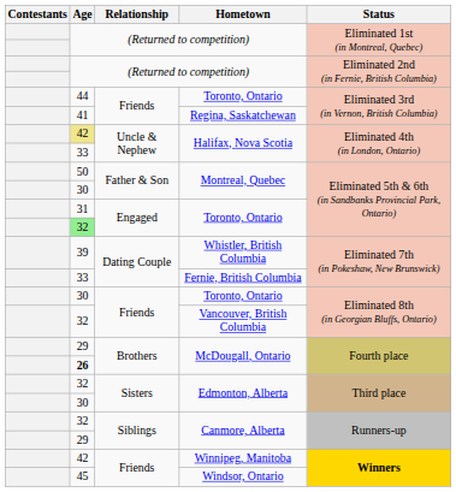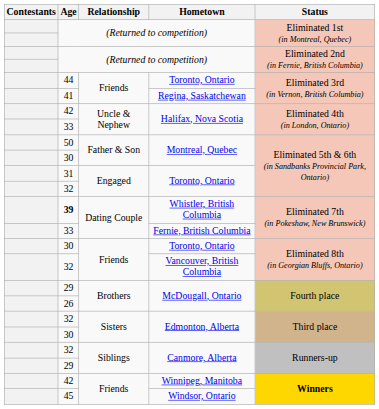 <table class="wikitable sortable" style="text-align:center;">
 <tr>
 <th scope="col">Contestants</th>
 <th scope="col">Age</th>
 <th scope="col" class="unsortable">Relationship</th>
 <th class="unsortable" scope="col">Hometown</th>
 <th scope="col">Status</th>
 </tr>
 <tr>
 <th scope="row" style="text-align:center;font-weight:normal"><em></em></th>
 <td colspan="3" rowspan="2"><em>(Returned to competition)</em></td>
 <td rowspan="2" bgcolor="f4c7b8">Eliminated 1st<br><small><em>(in Montreal, Quebec)</em></small></td>
 </tr>
 <tr>
 <th scope="row" style="text-align:center;font-weight:normal"><em></em></th>
 </tr>
 <tr>
 <th scope="row" style="text-align:center;font-weight:normal"><em></em></th>
 <td colspan="3" rowspan="2"><em>(Returned to competition)</em></td>
 <td rowspan="2" bgcolor="f4c7b8">Eliminated 2nd<br><small><em>(in Fernie, British Columbia)</em></small></td>
 </tr>
 <tr>
 <th scope="row" style="text-align:center;font-weight:normal"><em></em></th>
 </tr>
 <tr>
 <th scope="row"></th>
 <td>44</td>
 <td rowspan="2">Friends</td>
 <td><a href='#'>Toronto, Ontario</a></td>
 <td rowspan="2" style="background:#f4c7b8">Eliminated 3rd<br><small><em>(in Vernon, British Columbia)</em></small></td>
 </tr>
 <tr>
 <th scope="row"></th>
 <td>41</td>
 <td><a href='#'>Regina, Saskatchewan</a></td>
 </tr>
 <tr>
 <th scope="row"></th>
-<td style="background: khaki;">42</td>
+<td>42</td>
 <td rowspan="2">Uncle & Nephew</td>
 <td rowspan="2"><a href='#'>Halifax, Nova Scotia</a></td>
 <td rowspan="2" style="background:#f4c7b8">Eliminated 4th<br><small><em>(in London, Ontario)</em></small></td>
 </tr>
 <tr>
 <th scope="row"></th>
 <td>33</td>
 </tr>
 <tr>
 <th scope="row"></th>
 <td>50</td>
 <td rowspan="2">Father & Son</td>
 <td rowspan="2"><a href='#'>Montreal, Quebec</a></td>
 <td rowspan="4" style="background:#f4c7b8">Eliminated 5th & 6th<br><small><em>(in Sandbanks Provincial Park, Ontario)</em></small></td>
 </tr>
 <tr>
 <th scope="row"></th>
 <td>30</td>
 </tr>
 <tr>
 <th scope="row"></th>
 <td>31</td>
 <td rowspan="2">Engaged</td>
 <td rowspan="2"><a href='#'>Toronto, Ontario</a></td>
 </tr>
 <tr>
 <th scope="row"></th>
-<td style="background: lightgreen;">32</td>
+<td>32</td>
 </tr>
 <tr>
 <th scope="row"></th>
-<td>39</td>
+<td><strong>39</strong></td>
 <td rowspan="2">Dating Couple</td>
 <td><a href='#'>Whistler, British Columbia</a></td>
 <td rowspan="2" style="background:#f4c7b8">Eliminated 7th<br><small><em>(in Pokeshaw, New Brunswick)</em></small></td>
 </tr>
 <tr>
 <th scope="row"></th>
 <td>33</td>
 <td><a href='#'>Fernie, British Columbia</a></td>
 </tr>
 <tr>
 <th scope="row"></th>
 <td>30</td>
 <td rowspan="2">Friends</td>
 <td><a href='#'>Toronto, Ontario</a></td>
 <td rowspan="2" style="background:#f4c7b8">Eliminated 8th<br><small><em>(in Georgian Bluffs, Ontario)</em></small></td>
 </tr>
 <tr>
 <th scope="row"></th>
 <td>32</td>
 <td><a href='#'>Vancouver, British Columbia</a></td>
 </tr>
 <tr>
 <th scope="row"></th>
 <td>29</td>
 <td rowspan="2">Brothers</td>
 <td rowspan="2"><a href='#'>McDougall, Ontario</a></td>
 <td rowspan="2" bgcolor="d1c571">Fourth place</td>
 </tr>
 <tr>
 <th scope="row"></th>
-<td><strong>26</strong></td>
+<td>26</td>
 </tr>
 <tr>
 <th scope="row"></th>
 <td>32</td>
 <td rowspan="2">Sisters</td>
 <td rowspan="2"><a href='#'>Edmonton, Alberta</a></td>
 <td rowspan="2" bgcolor="tan">Third place</td>
 </tr>
 <tr>
 <th scope="row"></th>
 <td>30</td>
 </tr>
 <tr>
 <th scope="row"></th>
 <td>32</td>
 <td rowspan="2">Siblings</td>
 <td rowspan="2"><a href='#'>Canmore, Alberta</a></td>
 <td rowspan="2" bgcolor="silver">Runners-up</td>
 </tr>
 <tr>
 <th scope="row"></th>
 <td>29</td>
 </tr>
 <tr>
 <th scope="row"></th>
 <td>42</td>
 <td rowspan="2">Friends</td>
 <td><a href='#'>Winnipeg, Manitoba</a></td>
 <td rowspan="2" bgcolor="gold"><strong>Winners</strong></td>
 </tr>
 <tr>
 <th scope="row"></th>
 <td>45</td>
 <td><a href='#'>Windsor, Ontario</a></td>
 </tr>
 </table>
